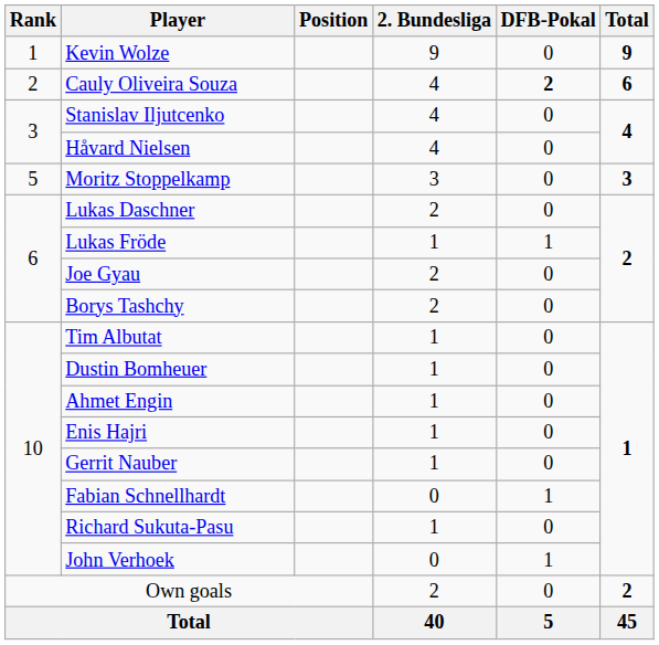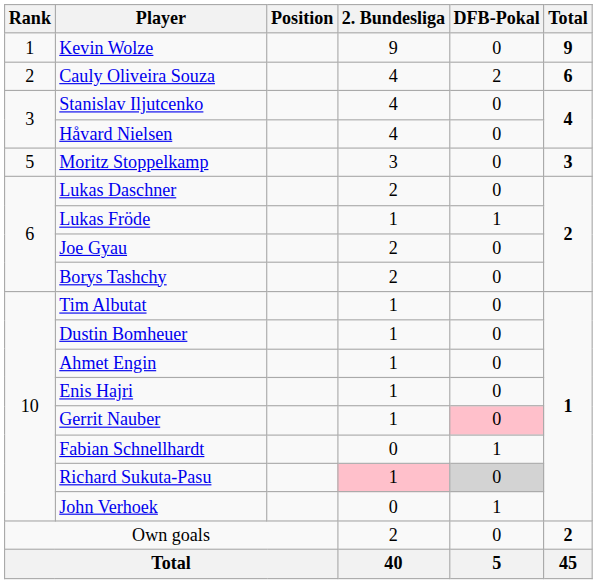 <table class="wikitable">
 <tr>
 <th>Rank</th>
 <th style="width:180px;">Player</th>
 <th>Position</th>
 <th>2. Bundesliga</th>
 <th>DFB-Pokal</th>
 <th>Total</th>
 </tr>
 <tr>
 <td align=center>1</td>
 <td> <a href='#'>Kevin Wolze</a></td>
 <td align=center></td>
 <td align=center>9</td>
 <td align=center>0</td>
 <td align=center><strong>9</strong></td>
 </tr>
 <tr>
 <td align=center>2</td>
 <td> <a href='#'>Cauly Oliveira Souza</a></td>
 <td align=center></td>
 <td align=center>4</td>
-<td align=center><strong>2</strong></td>
+<td align=center>2</td>
 <td align=center><strong>6</strong></td>
 </tr>
 <tr>
 <td align=center rowspan=2>3</td>
 <td> <a href='#'>Stanislav Iljutcenko</a></td>
 <td align=center></td>
 <td align=center>4</td>
 <td align=center>0</td>
 <td align=center rowspan=2><strong>4</strong></td>
 </tr>
 <tr>
 <td> <a href='#'>Håvard Nielsen</a></td>
 <td align=center></td>
 <td align=center>4</td>
 <td align=center>0</td>
 </tr>
 <tr>
 <td align=center>5</td>
 <td> <a href='#'>Moritz Stoppelkamp</a></td>
 <td align=center></td>
 <td align=center>3</td>
 <td align=center>0</td>
 <td align=center><strong>3</strong></td>
 </tr>
 <tr>
 <td align=center rowspan=4>6</td>
 <td> <a href='#'>Lukas Daschner</a></td>
 <td align=center></td>
 <td align=center>2</td>
 <td align=center>0</td>
 <td align=center rowspan=4><strong>2</strong></td>
 </tr>
 <tr>
 <td> <a href='#'>Lukas Fröde</a></td>
 <td align=center></td>
 <td align=center>1</td>
 <td align=center>1</td>
 </tr>
 <tr>
 <td> <a href='#'>Joe Gyau</a></td>
 <td align=center></td>
 <td align=center>2</td>
 <td align=center>0</td>
 </tr>
 <tr>
 <td> <a href='#'>Borys Tashchy</a></td>
 <td align=center></td>
 <td align=center>2</td>
 <td align=center>0</td>
 </tr>
 <tr>
 <td align=center rowspan=8>10</td>
 <td> <a href='#'>Tim Albutat</a></td>
 <td align=center></td>
 <td align=center>1</td>
 <td align=center>0</td>
 <td align=center rowspan=8><strong>1</strong></td>
 </tr>
 <tr>
 <td> <a href='#'>Dustin Bomheuer</a></td>
 <td align=center></td>
 <td align=center>1</td>
 <td align=center>0</td>
 </tr>
 <tr>
 <td> <a href='#'>Ahmet Engin</a></td>
 <td align=center></td>
 <td align=center>1</td>
 <td align=center>0</td>
 </tr>
 <tr>
 <td> <a href='#'>Enis Hajri</a></td>
 <td align=center></td>
 <td align=center>1</td>
 <td align=center>0</td>
 </tr>
 <tr>
 <td> <a href='#'>Gerrit Nauber</a></td>
 <td align=center></td>
 <td align=center>1</td>
-<td align=center>0</td>
+<td align=center style="background: pink;">0</td>
 </tr>
 <tr>
 <td> <a href='#'>Fabian Schnellhardt</a></td>
 <td align=center></td>
 <td align=center>0</td>
 <td align=center>1</td>
 </tr>
 <tr>
 <td> <a href='#'>Richard Sukuta-Pasu</a></td>
 <td align=center></td>
-<td align=center>1</td>
-<td align=center>0</td>
+<td align=center style="background: pink;">1</td>
+<td align=center style="background: lightgrey;">0</td>
 </tr>
 <tr>
 <td> <a href='#'>John Verhoek</a></td>
 <td align=center></td>
 <td align=center>0</td>
 <td align=center>1</td>
 </tr>
 <tr>
 <td colspan=3 align=center>Own goals</td>
 <td align=center>2</td>
 <td align=center>0</td>
 <td align=center><strong>2</strong></td>
 </tr>
 <tr>
 <th align=center colspan=3>Total</th>
 <th align=center>40</th>
 <th align=center>5</th>
 <th align=center>45</th>
 </tr>
 </table>
